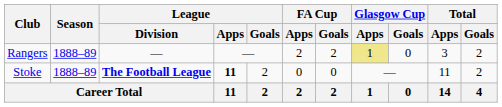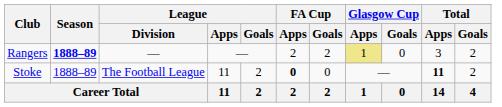 <table class="wikitable" style="text-align: center;">
 <tr>
 <th rowspan="2">Club</th>
 <th rowspan="2">Season</th>
 <th colspan="3">League</th>
 <th colspan="2">FA Cup</th>
 <th colspan="2"><a href='#'>Glasgow Cup</a></th>
 <th colspan="2">Total</th>
 </tr>
 <tr>
 <th>Division</th>
 <th>Apps</th>
 <th>Goals</th>
 <th>Apps</th>
 <th>Goals</th>
 <th>Apps</th>
 <th>Goals</th>
 <th>Apps</th>
 <th>Goals</th>
 </tr>
 <tr>
 <td><a href='#'>Rangers</a></td>
-<td><a href='#'>1888–89</a></td>
+<td><strong><a href='#'>1888–89</a></strong></td>
 <td>—</td>
 <td colspan=2>—</td>
 <td>2</td>
 <td>2</td>
 <td style="background: khaki;">1</td>
 <td>0</td>
 <td>3</td>
 <td>2</td>
 </tr>
 <tr>
 <td><a href='#'>Stoke</a></td>
 <td><a href='#'>1888–89</a></td>
-<td><strong><a href='#'>The Football League</a></strong></td>
-<td><strong>11</strong></td>
+<td><a href='#'>The Football League</a></td>
+<td>11</td>
 <td>2</td>
-<td>0</td>
+<td><strong>0</strong></td>
 <td>0</td>
 <td colspan=2>—</td>
-<td>11</td>
+<td><strong>11</strong></td>
 <td>2</td>
 </tr>
 <tr>
 <th colspan=3>Career Total</th>
 <th>11</th>
 <th>2</th>
 <th>2</th>
 <th>2</th>
 <th>1</th>
 <th>0</th>
 <th>14</th>
 <th>4</th>
 </tr>
 </table>
